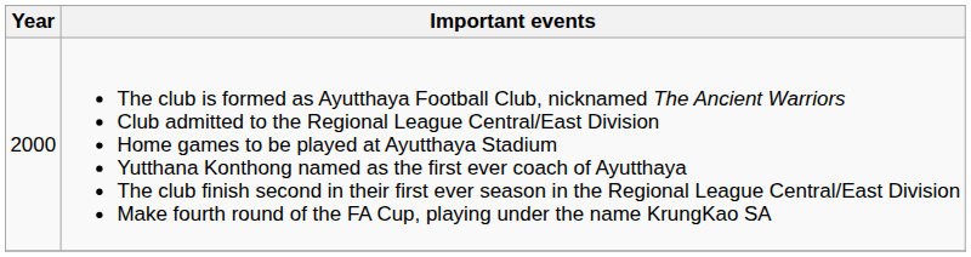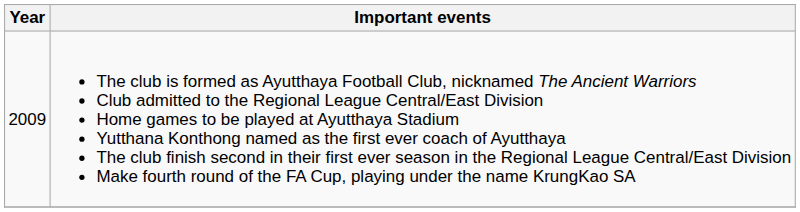 <table class="wikitable">
 <tr>
 <th>Year</th>
 <th>Important events</th>
 </tr>
 <tr>
-<td>2000</td>
+<td>2009</td>
 <td><br><ul><li>The club is formed as Ayutthaya Football Club, nicknamed <em>The Ancient Warriors</em></li><li>Club admitted to the Regional League Central/East Division</li><li>Home games to be played at Ayutthaya Stadium</li><li>Yutthana Konthong named as the first ever coach of Ayutthaya</li><li>The club finish second in their first ever season in the Regional League Central/East Division</li><li>Make fourth round of the FA Cup, playing under the name KrungKao SA</li></ul></td>
 </tr>
 <tr>
 </tr>
 </table>
